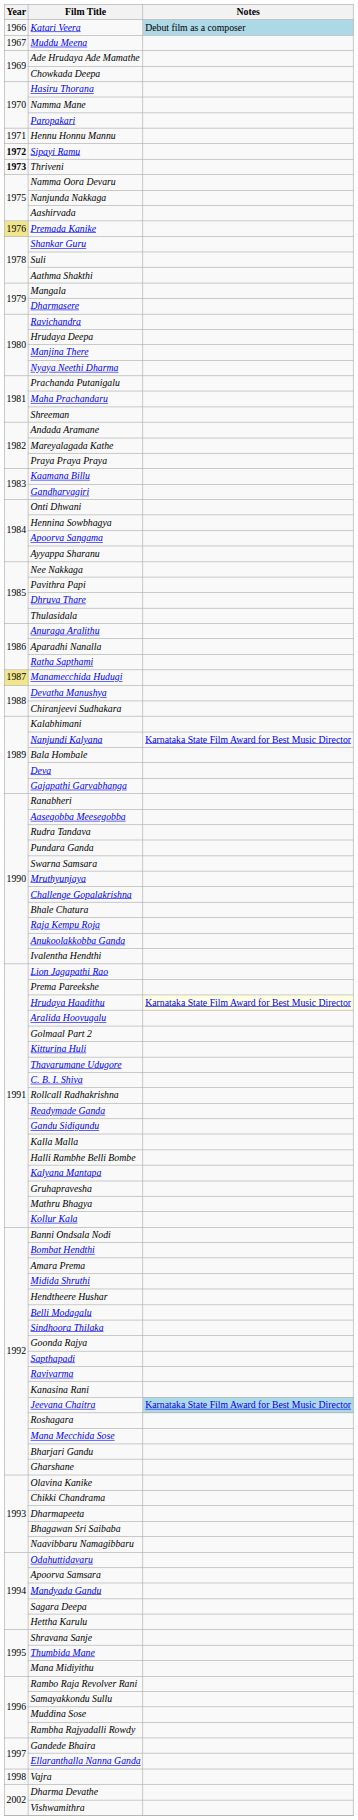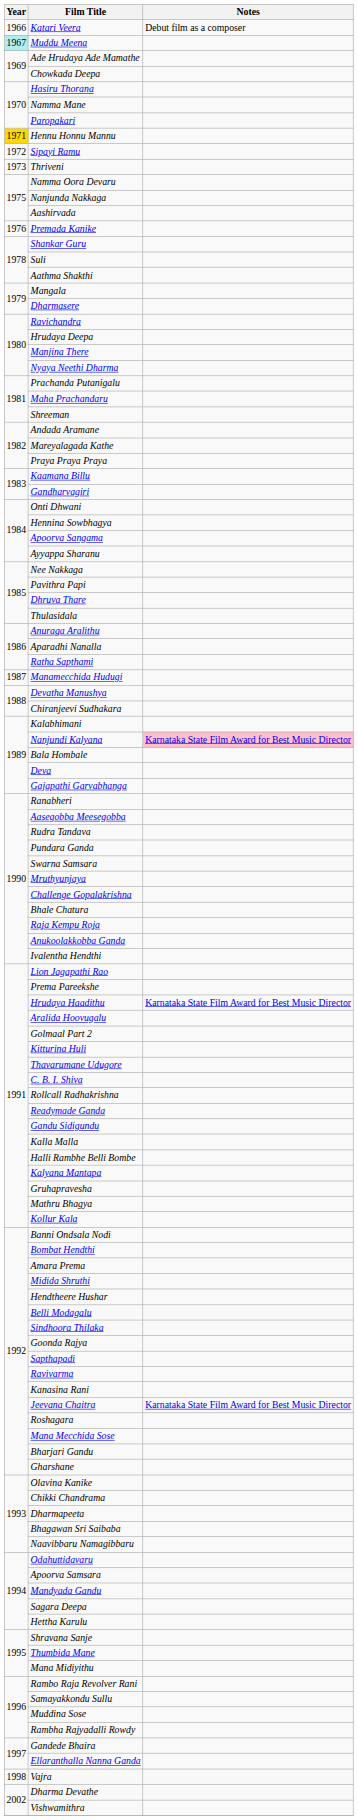 <table class="wikitable">
 <tr>
 <th>Year</th>
 <th>Film Title</th>
 <th>Notes</th>
 </tr>
 <tr>
 <td>1966</td>
 <td><em><a href='#'>Katari Veera</a></em></td>
-<td style="background: lightblue;">Debut film as a composer</td>
+<td>Debut film as a composer</td>
 </tr>
 <tr>
-<td>1967</td>
+<td style="background: paleturquoise;">1967</td>
 <td><em><a href='#'>Muddu Meena</a></em></td>
 <td></td>
 </tr>
 <tr>
 <td rowspan="2">1969</td>
 <td><em>Ade Hrudaya Ade Mamathe</em></td>
 <td></td>
 </tr>
 <tr>
 <td><em>Chowkada Deepa</em></td>
 <td></td>
 </tr>
 <tr>
 <td rowspan="3">1970</td>
 <td><em><a href='#'>Hasiru Thorana</a></em></td>
 <td></td>
 </tr>
 <tr>
 <td><em>Namma Mane</em></td>
 <td></td>
 </tr>
 <tr>
 <td><em><a href='#'>Paropakari</a></em></td>
 <td></td>
 </tr>
 <tr>
-<td>1971</td>
+<td style="background: gold;">1971</td>
 <td><em>Hennu Honnu Mannu</em></td>
 <td></td>
 </tr>
 <tr>
-<td><strong>1972</strong></td>
+<td>1972</td>
 <td><em><a href='#'>Sipayi Ramu</a></em></td>
 <td></td>
 </tr>
 <tr>
-<td><strong>1973</strong></td>
+<td>1973</td>
 <td><em>Thriveni</em></td>
 <td></td>
 </tr>
 <tr>
 <td rowspan="3">1975</td>
 <td><em>Namma Oora Devaru</em></td>
 <td></td>
 </tr>
 <tr>
 <td><em>Nanjunda Nakkaga</em></td>
 <td></td>
 </tr>
 <tr>
 <td><em>Aashirvada</em></td>
 <td></td>
 </tr>
 <tr>
-<td style="background: khaki;">1976</td>
+<td>1976</td>
 <td><em><a href='#'>Premada Kanike</a></em></td>
 <td></td>
 </tr>
 <tr>
 <td rowspan="3">1978</td>
 <td><em><a href='#'>Shankar Guru</a></em></td>
 <td></td>
 </tr>
 <tr>
 <td><em>Suli</em></td>
 <td></td>
 </tr>
 <tr>
 <td><em>Aathma Shakthi</em></td>
 <td></td>
 </tr>
 <tr>
 <td rowspan="2">1979</td>
 <td><em>Mangala</em></td>
 <td></td>
 </tr>
 <tr>
 <td><em><a href='#'>Dharmasere</a></em></td>
 <td></td>
 </tr>
 <tr>
 <td rowspan="4">1980</td>
 <td><em><a href='#'>Ravichandra</a></em></td>
 <td></td>
 </tr>
 <tr>
 <td><em>Hrudaya Deepa</em></td>
 <td></td>
 </tr>
 <tr>
 <td><em><a href='#'>Manjina There</a></em></td>
 <td></td>
 </tr>
 <tr>
 <td><em><a href='#'>Nyaya Neethi Dharma</a></em></td>
 <td></td>
 </tr>
 <tr>
 <td rowspan="3">1981</td>
 <td><em>Prachanda Putanigalu</em></td>
 <td></td>
 </tr>
 <tr>
 <td><em><a href='#'>Maha Prachandaru</a></em></td>
 <td></td>
 </tr>
 <tr>
 <td><em>Shreeman</em></td>
 <td></td>
 </tr>
 <tr>
 <td rowspan="3">1982</td>
 <td><em>Andada Aramane</em></td>
 <td></td>
 </tr>
 <tr>
 <td><em>Mareyalagada Kathe</em></td>
 <td></td>
 </tr>
 <tr>
 <td><em>Praya Praya Praya</em></td>
 <td></td>
 </tr>
 <tr>
 <td rowspan="2">1983</td>
 <td><em><a href='#'>Kaamana Billu</a></em></td>
 <td></td>
 </tr>
 <tr>
 <td><em><a href='#'>Gandharvagiri</a></em></td>
 <td></td>
 </tr>
 <tr>
 <td rowspan="4">1984</td>
 <td><em>Onti Dhwani</em></td>
 <td></td>
 </tr>
 <tr>
 <td><em>Hennina Sowbhagya</em></td>
 <td></td>
 </tr>
 <tr>
 <td><em><a href='#'>Apoorva Sangama</a></em></td>
 <td></td>
 </tr>
 <tr>
 <td><em>Ayyappa Sharanu</em></td>
 <td></td>
 </tr>
 <tr>
 <td rowspan="4">1985</td>
 <td><em>Nee Nakkaga</em></td>
 <td></td>
 </tr>
 <tr>
 <td><em>Pavithra Papi</em></td>
 <td></td>
 </tr>
 <tr>
 <td><em><a href='#'>Dhruva Thare</a></em></td>
 <td></td>
 </tr>
 <tr>
 <td><em>Thulasidala</em></td>
 <td></td>
 </tr>
 <tr>
 <td rowspan="3">1986</td>
 <td><em><a href='#'>Anuraga Aralithu</a></em></td>
 <td></td>
 </tr>
 <tr>
 <td><em>Aparadhi Nanalla</em></td>
 <td></td>
 </tr>
 <tr>
 <td><em><a href='#'>Ratha Sapthami</a></em></td>
 <td></td>
 </tr>
 <tr>
-<td style="background: khaki;">1987</td>
+<td>1987</td>
 <td><em><a href='#'>Manamecchida Hudugi</a></em></td>
 <td></td>
 </tr>
 <tr>
 <td rowspan="2">1988</td>
 <td><em><a href='#'>Devatha Manushya</a></em></td>
 <td></td>
 </tr>
 <tr>
 <td><em>Chiranjeevi Sudhakara</em></td>
 <td></td>
 </tr>
 <tr>
 <td rowspan="5">1989</td>
 <td><em>Kalabhimani</em></td>
 <td></td>
 </tr>
 <tr>
 <td><em><a href='#'>Nanjundi Kalyana</a></em></td>
-<td><a href='#'>Karnataka State Film Award for Best Music Director</a></td>
+<td style="background: pink;"><a href='#'>Karnataka State Film Award for Best Music Director</a></td>
 </tr>
 <tr>
 <td><em>Bala Hombale</em></td>
 <td></td>
 </tr>
 <tr>
 <td><em><a href='#'>Deva</a></em></td>
 <td></td>
 </tr>
 <tr>
 <td><em><a href='#'>Gajapathi Garvabhanga</a></em></td>
 <td></td>
 </tr>
 <tr>
 <td rowspan="11">1990</td>
 <td><em>Ranabheri</em></td>
 <td></td>
 </tr>
 <tr>
 <td><em><a href='#'>Aasegobba Meesegobba</a></em></td>
 <td></td>
 </tr>
 <tr>
 <td><em>Rudra Tandava</em></td>
 <td></td>
 </tr>
 <tr>
 <td><em>Pundara Ganda</em></td>
 <td></td>
 </tr>
 <tr>
 <td><em>Swarna Samsara</em></td>
 <td></td>
 </tr>
 <tr>
 <td><em><a href='#'>Mruthyunjaya</a></em></td>
 <td></td>
 </tr>
 <tr>
 <td><em><a href='#'>Challenge Gopalakrishna</a></em></td>
 <td></td>
 </tr>
 <tr>
 <td><em>Bhale Chatura</em></td>
 <td></td>
 </tr>
 <tr>
 <td><em><a href='#'>Raja Kempu Roja</a></em></td>
 <td></td>
 </tr>
 <tr>
 <td><em><a href='#'>Anukoolakkobba Ganda</a></em></td>
 <td></td>
 </tr>
 <tr>
 <td><em>Ivalentha Hendthi</em></td>
 <td></td>
 </tr>
 <tr>
 <td rowspan="17">1991</td>
 <td><em><a href='#'>Lion Jagapathi Rao</a></em></td>
 <td></td>
 </tr>
 <tr>
 <td><em>Prema Pareekshe</em></td>
 <td></td>
 </tr>
 <tr>
 <td><em><a href='#'>Hrudaya Haadithu</a></em></td>
-<td style="background: lightyellow;"><a href='#'>Karnataka State Film Award for Best Music Director</a></td>
+<td><a href='#'>Karnataka State Film Award for Best Music Director</a></td>
 </tr>
 <tr>
 <td><em><a href='#'>Aralida Hoovugalu</a></em></td>
 <td></td>
 </tr>
 <tr>
 <td><em>Golmaal Part 2</em></td>
 <td></td>
 </tr>
 <tr>
 <td><em><a href='#'>Kitturina Huli</a></em></td>
 <td></td>
 </tr>
 <tr>
 <td><em><a href='#'>Thavarumane Udugore</a></em></td>
 <td></td>
 </tr>
 <tr>
 <td><em><a href='#'>C. B. I. Shiva</a></em></td>
 <td></td>
 </tr>
 <tr>
 <td><em>Rollcall Radhakrishna</em></td>
 <td></td>
 </tr>
 <tr>
 <td><em><a href='#'>Readymade Ganda</a></em></td>
 <td></td>
 </tr>
 <tr>
 <td><em><a href='#'>Gandu Sidigundu</a></em></td>
 <td></td>
 </tr>
 <tr>
 <td><em>Kalla Malla</em></td>
 <td></td>
 </tr>
 <tr>
 <td><em>Halli Rambhe Belli Bombe</em></td>
 <td></td>
 </tr>
 <tr>
 <td><em><a href='#'>Kalyana Mantapa</a></em></td>
 <td></td>
 </tr>
 <tr>
 <td><em>Gruhapravesha</em></td>
 <td></td>
 </tr>
 <tr>
 <td><em>Mathru Bhagya</em></td>
 <td></td>
 </tr>
 <tr>
 <td><em><a href='#'>Kollur Kala</a></em></td>
 <td></td>
 </tr>
 <tr>
 <td rowspan="16">1992</td>
 <td><em>Banni Ondsala Nodi</em></td>
 <td></td>
 </tr>
 <tr>
 <td><em><a href='#'>Bombat Hendthi</a></em></td>
 <td></td>
 </tr>
 <tr>
 <td><em>Amara Prema</em></td>
 <td></td>
 </tr>
 <tr>
 <td><em><a href='#'>Midida Shruthi</a></em></td>
 <td></td>
 </tr>
 <tr>
 <td><em>Hendtheere Hushar</em></td>
 <td></td>
 </tr>
 <tr>
 <td><em><a href='#'>Belli Modagalu</a></em></td>
 <td></td>
 </tr>
 <tr>
 <td><em><a href='#'>Sindhoora Thilaka</a></em></td>
 <td></td>
 </tr>
 <tr>
 <td><em>Goonda Rajya</em></td>
 <td></td>
 </tr>
 <tr>
 <td><em><a href='#'>Sapthapadi</a></em></td>
 <td></td>
 </tr>
 <tr>
 <td><em><a href='#'>Ravivarma</a></em></td>
 <td></td>
 </tr>
 <tr>
 <td><em>Kanasina Rani</em></td>
 <td></td>
 </tr>
 <tr>
 <td><em><a href='#'>Jeevana Chaitra</a></em></td>
-<td style="background: lightblue;"><a href='#'>Karnataka State Film Award for Best Music Director</a></td>
+<td><a href='#'>Karnataka State Film Award for Best Music Director</a></td>
 </tr>
 <tr>
 <td><em>Roshagara</em></td>
 <td></td>
 </tr>
 <tr>
 <td><em><a href='#'>Mana Mecchida Sose</a></em></td>
 <td></td>
 </tr>
 <tr>
 <td><em>Bharjari Gandu</em></td>
 <td></td>
 </tr>
 <tr>
 <td><em>Gharshane</em></td>
 <td></td>
 </tr>
 <tr>
 <td rowspan="5">1993</td>
 <td><em>Olavina Kanike</em></td>
 <td></td>
 </tr>
 <tr>
 <td><em>Chikki Chandrama</em></td>
 <td></td>
 </tr>
 <tr>
 <td><em>Dharmapeeta</em></td>
 <td></td>
 </tr>
 <tr>
 <td><em>Bhagawan Sri Saibaba</em></td>
 <td></td>
 </tr>
 <tr>
 <td><em>Naavibbaru Namagibbaru</em></td>
 <td></td>
 </tr>
 <tr>
 <td rowspan="5">1994</td>
 <td><em><a href='#'>Odahuttidavaru</a></em></td>
 </tr>
 <tr>
 <td><em>Apoorva Samsara</em></td>
 <td></td>
 </tr>
 <tr>
 <td><em><a href='#'>Mandyada Gandu</a></em></td>
 <td></td>
 </tr>
 <tr>
 <td><em>Sagara Deepa</em></td>
 <td></td>
 </tr>
 <tr>
 <td><em>Hettha Karulu</em></td>
 <td></td>
 </tr>
 <tr>
 <td rowspan="3">1995</td>
 <td><em>Shravana Sanje</em></td>
 <td></td>
 </tr>
 <tr>
 <td><em><a href='#'>Thumbida Mane</a></em></td>
 <td></td>
 </tr>
 <tr>
 <td><em>Mana Midiyithu</em></td>
 <td></td>
 </tr>
 <tr>
 <td rowspan="4">1996</td>
 <td><em>Rambo Raja Revolver Rani</em></td>
 <td></td>
 </tr>
 <tr>
 <td><em>Samayakkondu Sullu</em></td>
 <td></td>
 </tr>
 <tr>
 <td><em>Muddina Sose</em></td>
 <td></td>
 </tr>
 <tr>
 <td><em>Rambha Rajyadalli Rowdy</em></td>
 <td></td>
 </tr>
 <tr>
 <td rowspan="2">1997</td>
 <td><em>Gandede Bhaira</em></td>
 <td></td>
 </tr>
 <tr>
 <td><em><a href='#'>Ellaranthalla Nanna Ganda</a></em></td>
 <td></td>
 </tr>
 <tr>
 <td>1998</td>
 <td><em>Vajra</em></td>
 <td></td>
 </tr>
 <tr>
 <td rowspan="2">2002</td>
 <td><em>Dharma Devathe</em></td>
 <td></td>
 </tr>
 <tr>
 <td><em>Vishwamithra</em></td>
 <td></td>
 </tr>
 <tr>
 </tr>
 </table>
